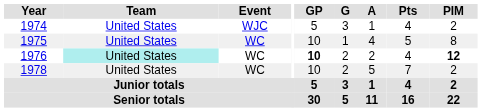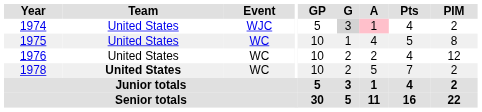 <table border="0" cellpadding="1" cellspacing="0" ID="Table3" style="text-align:center; width:40em">
 <tr bgcolor="#e0e0e0">
 <th>Year</th>
 <th>Team</th>
 <th>Event</th>
 <th rowspan="102" bgcolor="#ffffff"></th>
 <th>GP</th>
 <th>G</th>
 <th>A</th>
 <th>Pts</th>
 <th>PIM</th>
 </tr>
 <tr>
 <td><a href='#'>1974</a></td>
 <td><a href='#'>United States</a></td>
 <td><a href='#'>WJC</a></td>
 <td>5</td>
-<td>3</td>
-<td>1</td>
+<td style="background: lightgrey;">3</td>
+<td style="background: pink;">1</td>
 <td>4</td>
 <td>2</td>
 </tr>
 <tr bgcolor="#f0f0f0">
 <td><a href='#'>1975</a></td>
 <td><a href='#'>United States</a></td>
 <td><a href='#'>WC</a></td>
 <td>10</td>
 <td>1</td>
 <td>4</td>
 <td>5</td>
 <td>8</td>
 </tr>
 <tr>
 <td><a href='#'>1976</a></td>
-<td style="background: paleturquoise;">United States</td>
+<td>United States</td>
 <td>WC</td>
-<td><strong>10</strong></td>
+<td>10</td>
 <td>2</td>
 <td>2</td>
 <td>4</td>
-<td><strong>12</strong></td>
+<td>12</td>
 </tr>
 <tr bgcolor="#f0f0f0">
 <td><a href='#'>1978</a></td>
-<td>United States</td>
+<td><strong>United States</strong></td>
 <td>WC</td>
 <td>10</td>
 <td>2</td>
 <td>5</td>
 <td>7</td>
 <td>2</td>
 </tr>
 <tr bgcolor="#e0e0e0">
 <th colspan="4">Junior totals</th>
 <th>5</th>
 <th>3</th>
 <th>1</th>
 <th>4</th>
 <th>2</th>
 </tr>
 <tr bgcolor="#e0e0e0">
 <th colspan="4">Senior totals</th>
 <th>30</th>
 <th>5</th>
 <th>11</th>
 <th>16</th>
 <th>22</th>
 </tr>
 </table>
